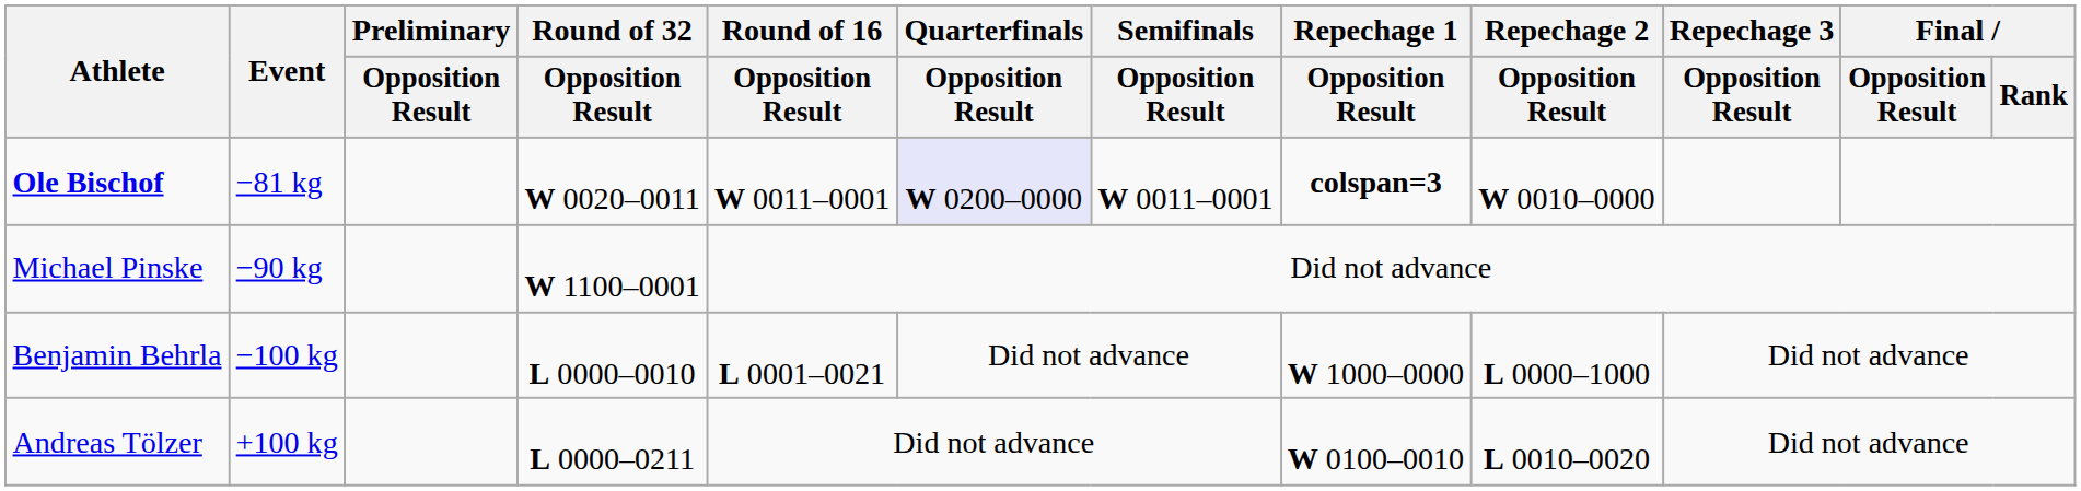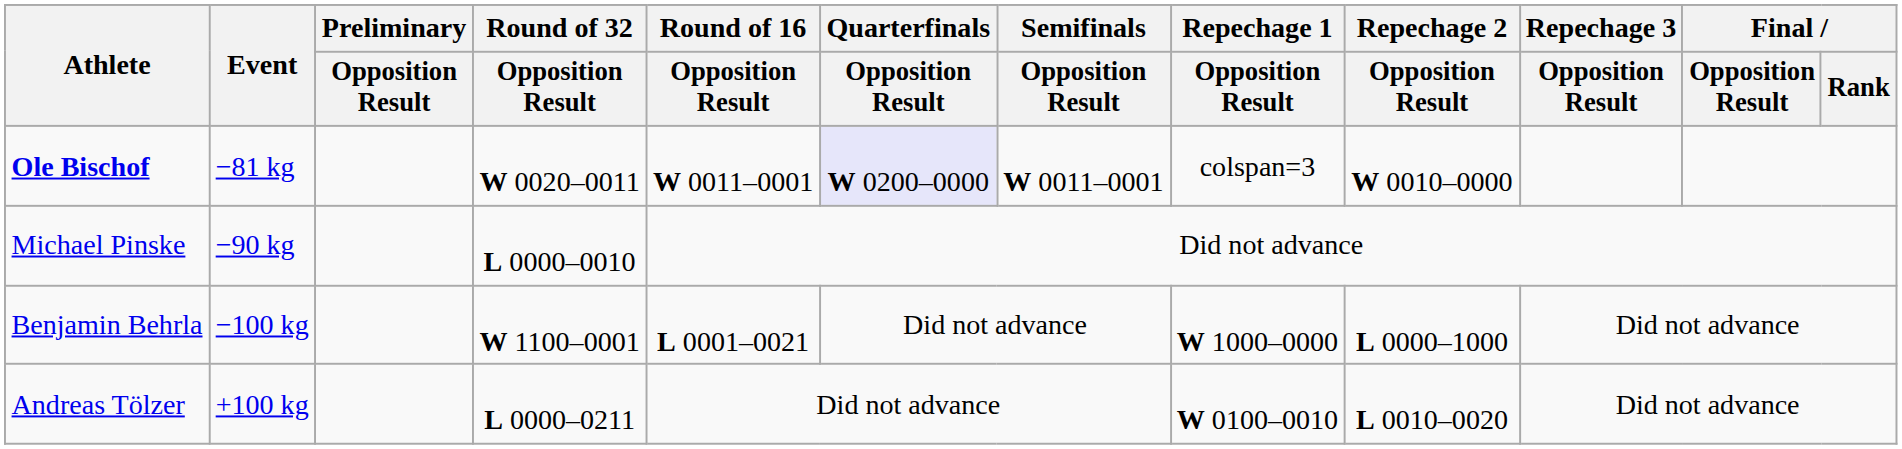 <table class="wikitable" style="font-size:90%">
 <tr>
 <th rowspan="2">Athlete</th>
 <th rowspan="2">Event</th>
 <th>Preliminary</th>
 <th>Round of 32</th>
 <th>Round of 16</th>
 <th>Quarterfinals</th>
 <th>Semifinals</th>
 <th>Repechage 1</th>
 <th>Repechage 2</th>
 <th>Repechage 3</th>
 <th colspan=2>Final / </th>
 </tr>
 <tr style="font-size:95%">
 <th>Opposition<br>Result</th>
 <th>Opposition<br>Result</th>
 <th>Opposition<br>Result</th>
 <th>Opposition<br>Result</th>
 <th>Opposition<br>Result</th>
 <th>Opposition<br>Result</th>
 <th>Opposition<br>Result</th>
 <th>Opposition<br>Result</th>
 <th>Opposition<br>Result</th>
 <th>Rank</th>
 </tr>
 <tr align=center>
 <td align=left><strong><a href='#'>Ole Bischof</a></strong></td>
 <td align=left><a href='#'>−81 kg</a></td>
 <td></td>
 <td><br><strong>W</strong> 0020–0011</td>
 <td><br><strong>W</strong> 0011–0001</td>
 <td style="background: lavender;"><br><strong>W</strong> 0200–0000</td>
 <td><br><strong>W</strong> 0011–0001</td>
-<td><strong>colspan=3 </strong></td>
+<td>colspan=3 </td>
 <td><br><strong>W</strong> 0010–0000</td>
 <td></td>
 </tr>
 <tr align=center>
 <td align=left><a href='#'>Michael Pinske</a></td>
 <td align=left><a href='#'>−90 kg</a></td>
 <td></td>
-<td><br><strong>W</strong> 1100–0001</td>
+<td><br><strong>L</strong> 0000–0010</td>
 <td colspan=8>Did not advance</td>
 </tr>
 <tr align=center>
 <td align=left><a href='#'>Benjamin Behrla</a></td>
 <td align=left><a href='#'>−100 kg</a></td>
 <td></td>
-<td><br><strong>L</strong> 0000–0010</td>
+<td><br><strong>W</strong> 1100–0001</td>
 <td><br><strong>L</strong> 0001–0021</td>
 <td colspan=2>Did not advance</td>
 <td><br><strong>W</strong> 1000–0000</td>
 <td><br><strong>L</strong> 0000–1000</td>
 <td colspan=3>Did not advance</td>
 </tr>
 <tr align=center>
 <td align=left><a href='#'>Andreas Tölzer</a></td>
 <td align=left><a href='#'>+100 kg</a></td>
 <td></td>
 <td><br><strong>L</strong> 0000–0211</td>
 <td colspan=3>Did not advance</td>
 <td><br><strong>W</strong> 0100–0010</td>
 <td><br><strong>L</strong> 0010–0020</td>
 <td colspan=3>Did not advance</td>
 </tr>
 </table>
